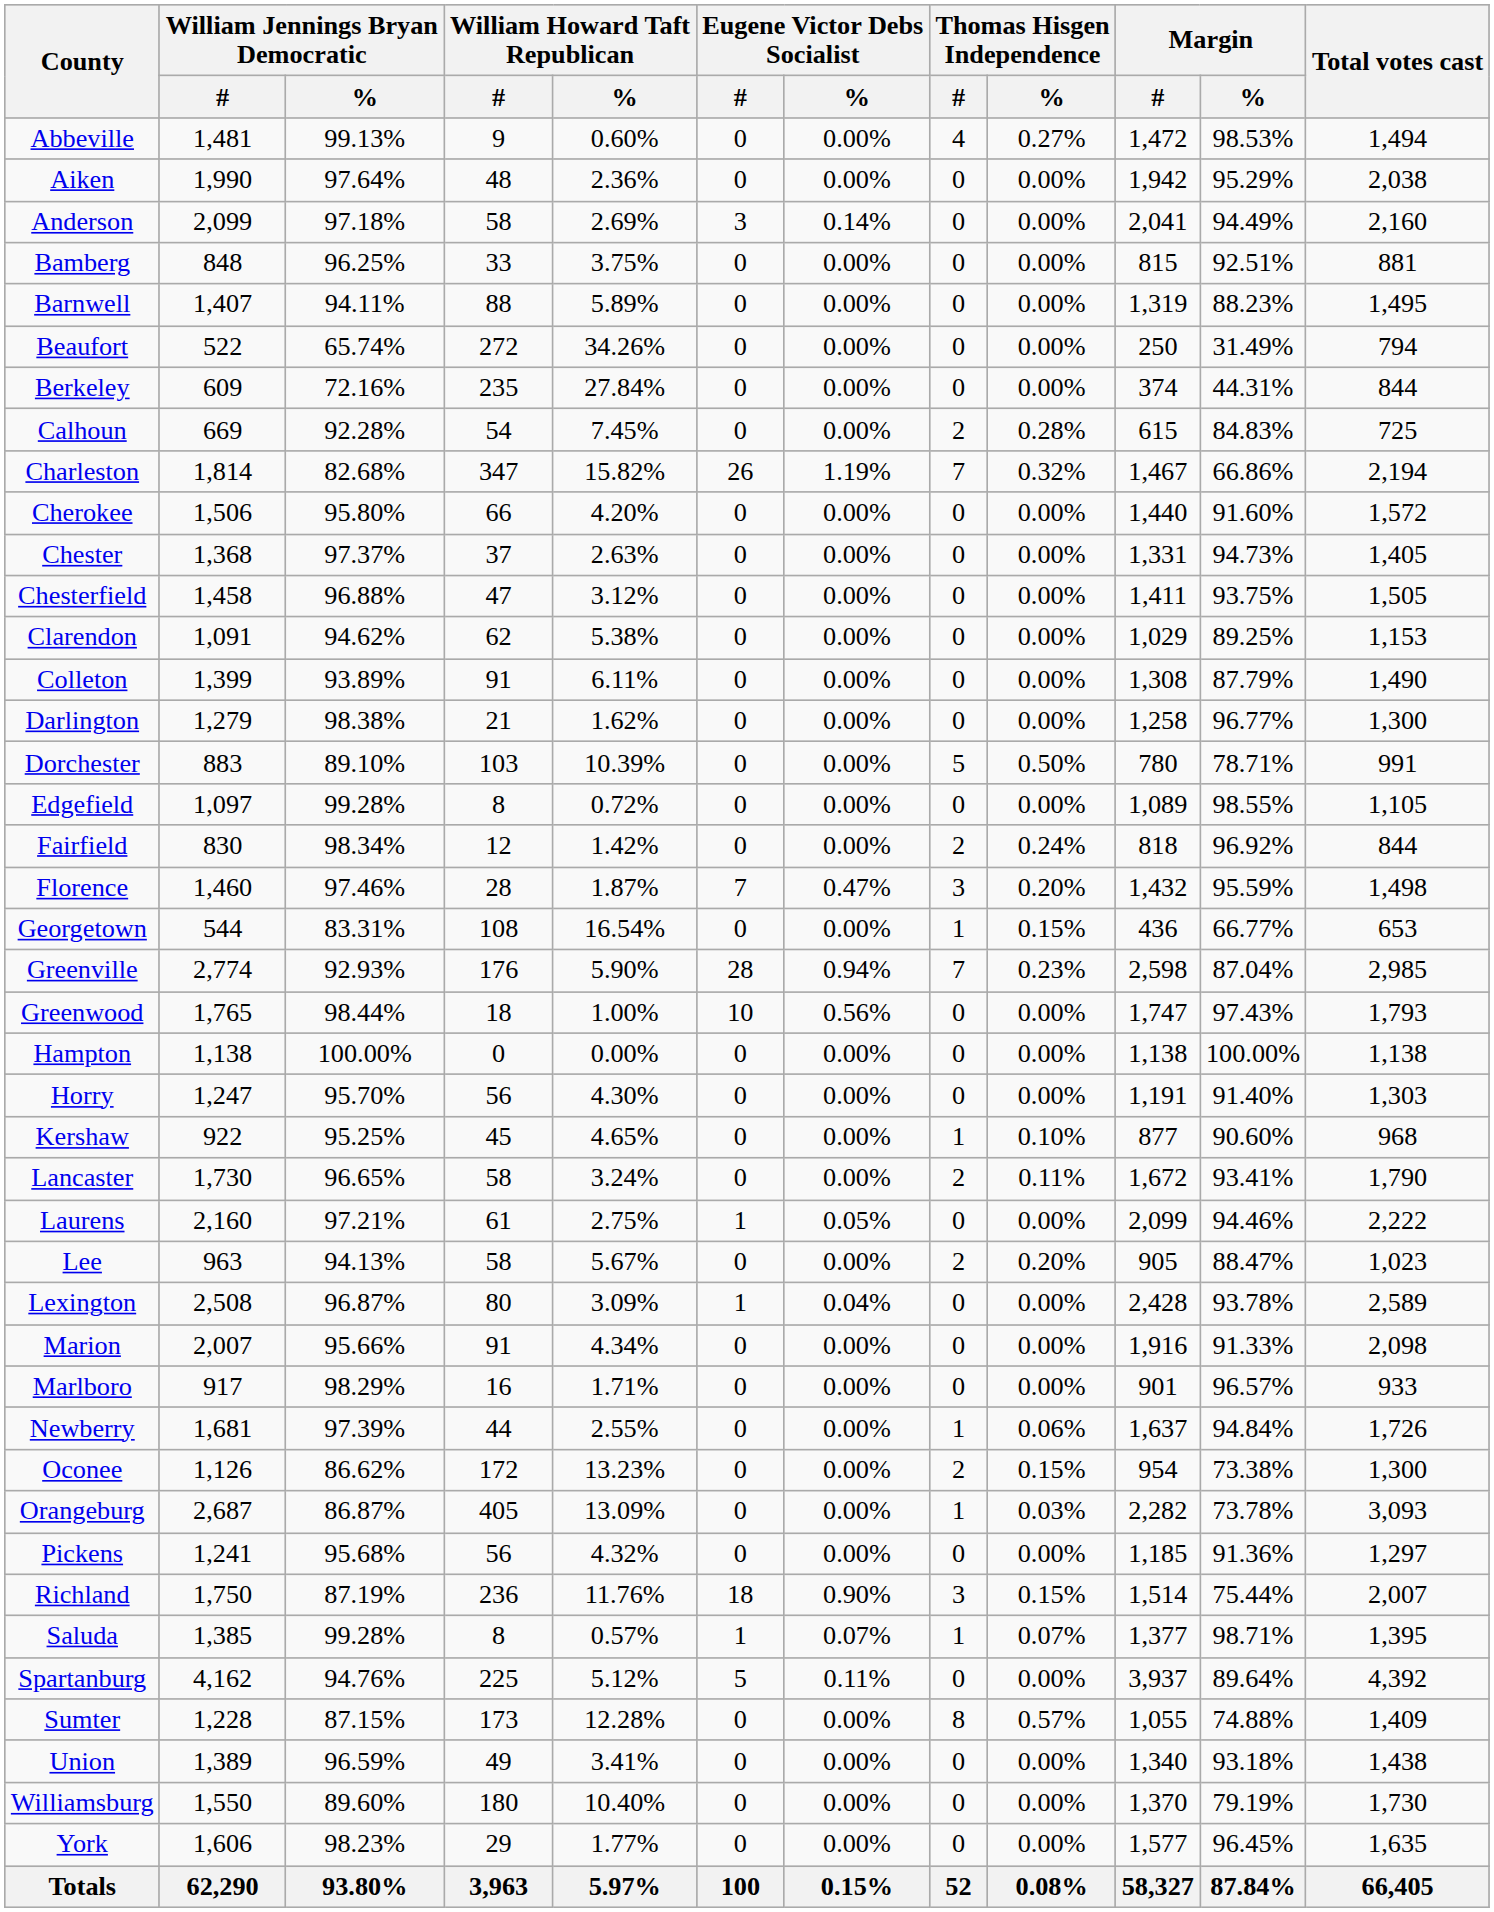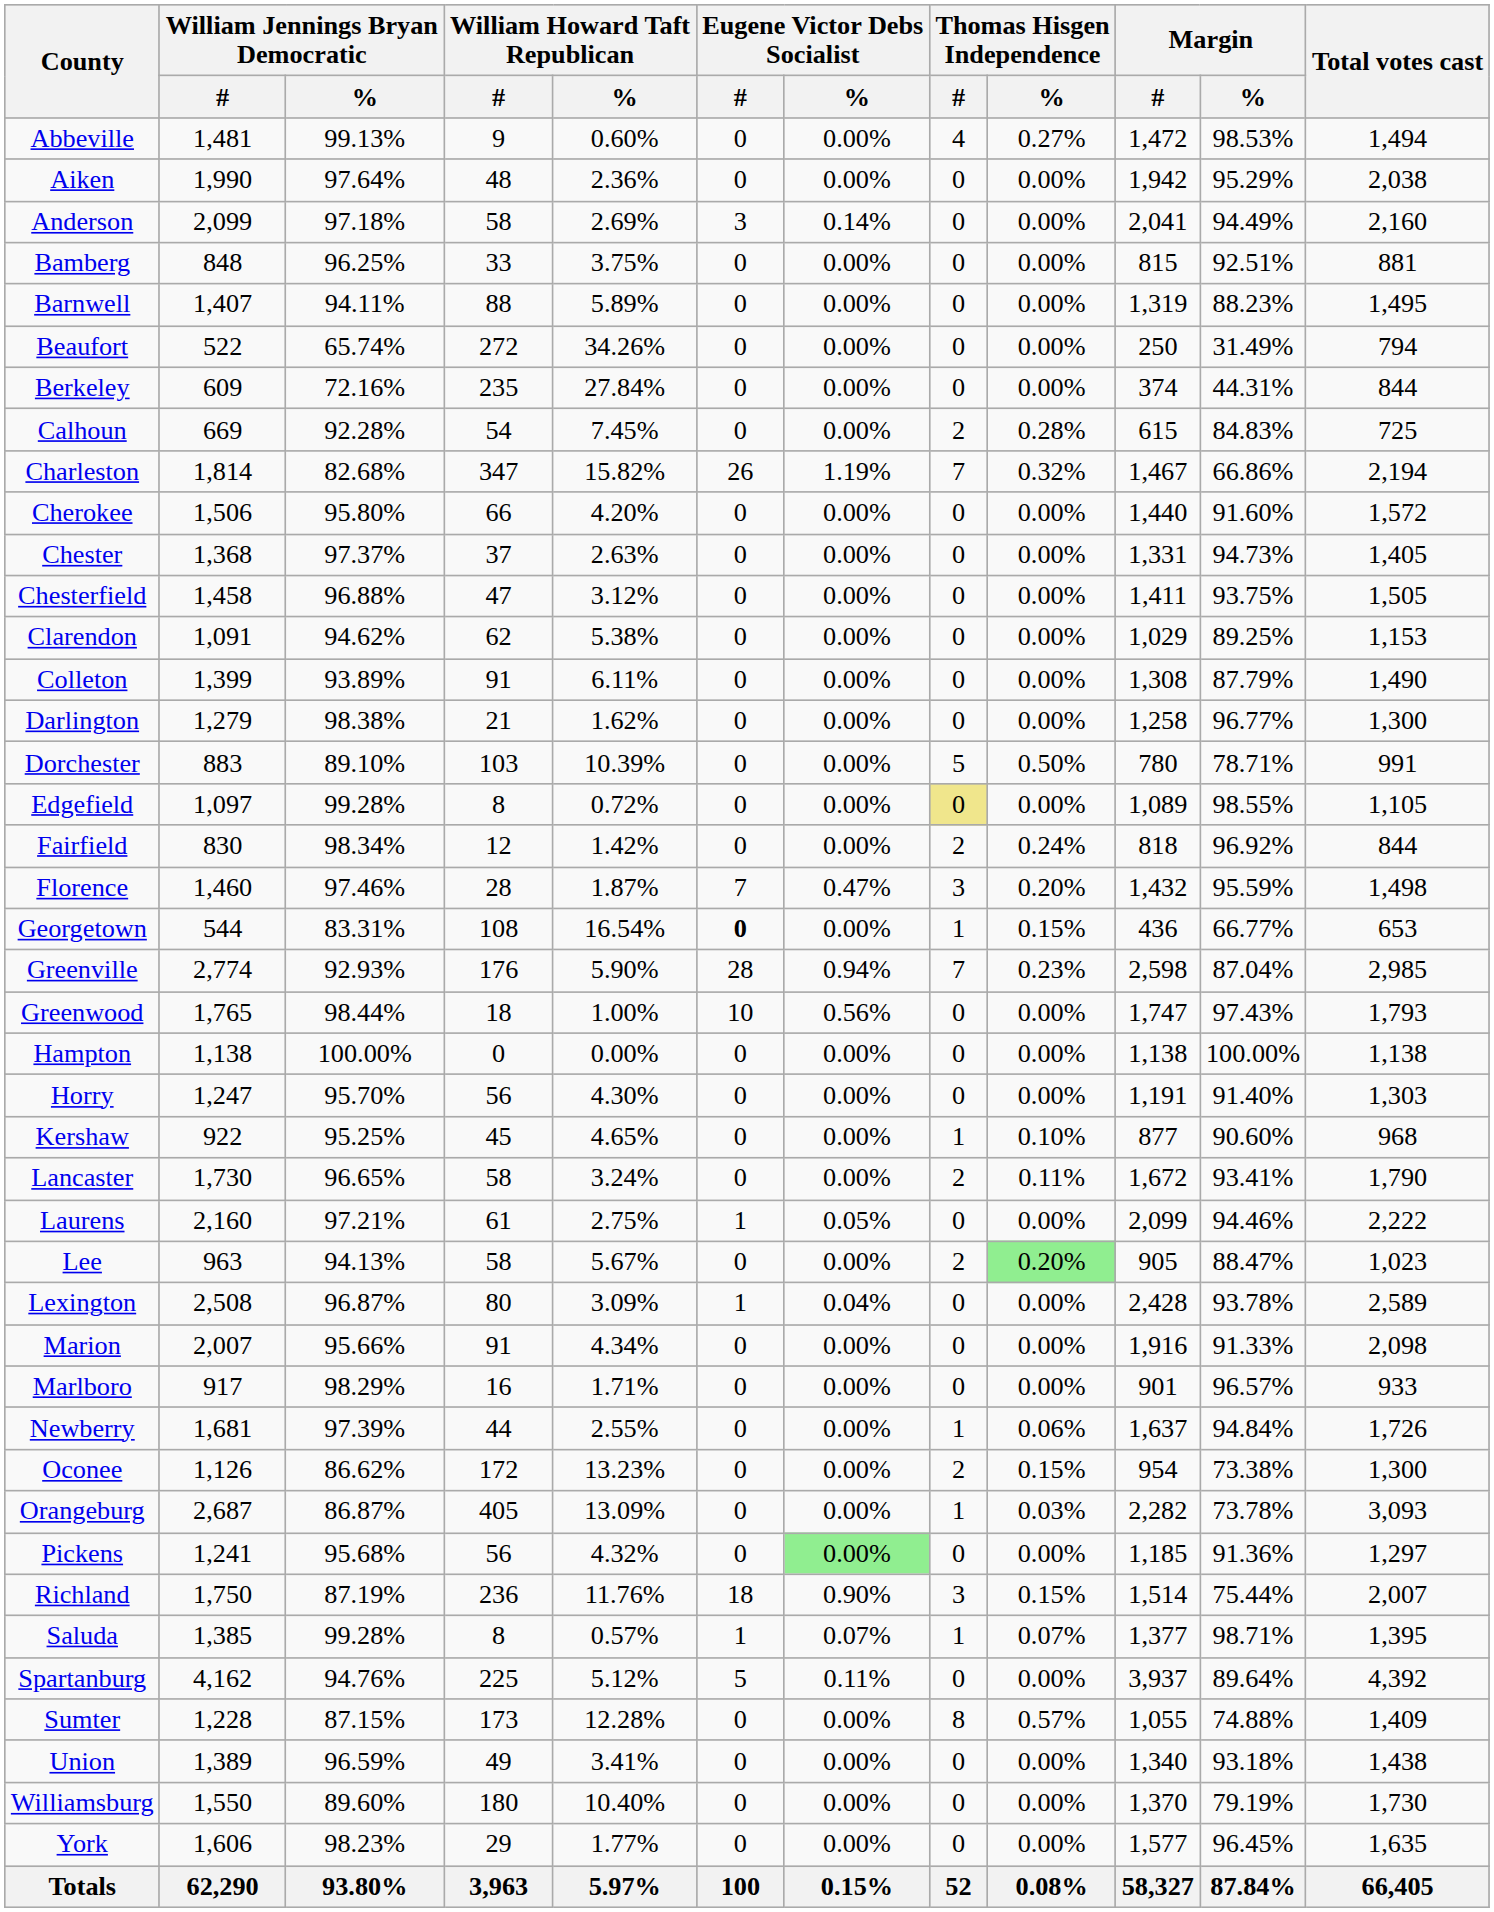 <table class="wikitable sortable mw-collapsible mw-collapsed">
 <tr>
 <th rowspan="2">County</th>
 <th colspan="2">William Jennings Bryan<br>Democratic</th>
 <th colspan="2">William Howard Taft<br>Republican</th>
 <th colspan="2">Eugene Victor Debs<br>Socialist</th>
 <th colspan="2">Thomas Hisgen<br>Independence</th>
 <th colspan="2">Margin</th>
 <th rowspan="2">Total votes cast</th>
 </tr>
 <tr>
 <th data-sort-type="number">#</th>
 <th data-sort-type="number">%</th>
 <th data-sort-type="number">#</th>
 <th data-sort-type="number">%</th>
 <th data-sort-type="number">#</th>
 <th data-sort-type="number">%</th>
 <th data-sort-type="number">#</th>
 <th data-sort-type="number">%</th>
 <th data-sort-type="number">#</th>
 <th data-sort-type="number">%</th>
 </tr>
 <tr style="text-align:center;">
 <td><a href='#'>Abbeville</a></td>
 <td>1,481</td>
 <td>99.13%</td>
 <td>9</td>
 <td>0.60%</td>
 <td>0</td>
 <td>0.00%</td>
 <td>4</td>
 <td>0.27%</td>
 <td>1,472</td>
 <td>98.53%</td>
 <td>1,494</td>
 </tr>
 <tr style="text-align:center;">
 <td><a href='#'>Aiken</a></td>
 <td>1,990</td>
 <td>97.64%</td>
 <td>48</td>
 <td>2.36%</td>
 <td>0</td>
 <td>0.00%</td>
 <td>0</td>
 <td>0.00%</td>
 <td>1,942</td>
 <td>95.29%</td>
 <td>2,038</td>
 </tr>
 <tr style="text-align:center;">
 <td><a href='#'>Anderson</a></td>
 <td>2,099</td>
 <td>97.18%</td>
 <td>58</td>
 <td>2.69%</td>
 <td>3</td>
 <td>0.14%</td>
 <td>0</td>
 <td>0.00%</td>
 <td>2,041</td>
 <td>94.49%</td>
 <td>2,160</td>
 </tr>
 <tr style="text-align:center;">
 <td><a href='#'>Bamberg</a></td>
 <td>848</td>
 <td>96.25%</td>
 <td>33</td>
 <td>3.75%</td>
 <td>0</td>
 <td>0.00%</td>
 <td>0</td>
 <td>0.00%</td>
 <td>815</td>
 <td>92.51%</td>
 <td>881</td>
 </tr>
 <tr style="text-align:center;">
 <td><a href='#'>Barnwell</a></td>
 <td>1,407</td>
 <td>94.11%</td>
 <td>88</td>
 <td>5.89%</td>
 <td>0</td>
 <td>0.00%</td>
 <td>0</td>
 <td>0.00%</td>
 <td>1,319</td>
 <td>88.23%</td>
 <td>1,495</td>
 </tr>
 <tr style="text-align:center;">
 <td><a href='#'>Beaufort</a></td>
 <td>522</td>
 <td>65.74%</td>
 <td>272</td>
 <td>34.26%</td>
 <td>0</td>
 <td>0.00%</td>
 <td>0</td>
 <td>0.00%</td>
 <td>250</td>
 <td>31.49%</td>
 <td>794</td>
 </tr>
 <tr style="text-align:center;">
 <td><a href='#'>Berkeley</a></td>
 <td>609</td>
 <td>72.16%</td>
 <td>235</td>
 <td>27.84%</td>
 <td>0</td>
 <td>0.00%</td>
 <td>0</td>
 <td>0.00%</td>
 <td>374</td>
 <td>44.31%</td>
 <td>844</td>
 </tr>
 <tr style="text-align:center;">
 <td><a href='#'>Calhoun</a></td>
 <td>669</td>
 <td>92.28%</td>
 <td>54</td>
 <td>7.45%</td>
 <td>0</td>
 <td>0.00%</td>
 <td>2</td>
 <td>0.28%</td>
 <td>615</td>
 <td>84.83%</td>
 <td>725</td>
 </tr>
 <tr style="text-align:center;">
 <td><a href='#'>Charleston</a></td>
 <td>1,814</td>
 <td>82.68%</td>
 <td>347</td>
 <td>15.82%</td>
 <td>26</td>
 <td>1.19%</td>
 <td>7</td>
 <td>0.32%</td>
 <td>1,467</td>
 <td>66.86%</td>
 <td>2,194</td>
 </tr>
 <tr style="text-align:center;">
 <td><a href='#'>Cherokee</a></td>
 <td>1,506</td>
 <td>95.80%</td>
 <td>66</td>
 <td>4.20%</td>
 <td>0</td>
 <td>0.00%</td>
 <td>0</td>
 <td>0.00%</td>
 <td>1,440</td>
 <td>91.60%</td>
 <td>1,572</td>
 </tr>
 <tr style="text-align:center;">
 <td><a href='#'>Chester</a></td>
 <td>1,368</td>
 <td>97.37%</td>
 <td>37</td>
 <td>2.63%</td>
 <td>0</td>
 <td>0.00%</td>
 <td>0</td>
 <td>0.00%</td>
 <td>1,331</td>
 <td>94.73%</td>
 <td>1,405</td>
 </tr>
 <tr style="text-align:center;">
 <td><a href='#'>Chesterfield</a></td>
 <td>1,458</td>
 <td>96.88%</td>
 <td>47</td>
 <td>3.12%</td>
 <td>0</td>
 <td>0.00%</td>
 <td>0</td>
 <td>0.00%</td>
 <td>1,411</td>
 <td>93.75%</td>
 <td>1,505</td>
 </tr>
 <tr style="text-align:center;">
 <td><a href='#'>Clarendon</a></td>
 <td>1,091</td>
 <td>94.62%</td>
 <td>62</td>
 <td>5.38%</td>
 <td>0</td>
 <td>0.00%</td>
 <td>0</td>
 <td>0.00%</td>
 <td>1,029</td>
 <td>89.25%</td>
 <td>1,153</td>
 </tr>
 <tr style="text-align:center;">
 <td><a href='#'>Colleton</a></td>
 <td>1,399</td>
 <td>93.89%</td>
 <td>91</td>
 <td>6.11%</td>
 <td>0</td>
 <td>0.00%</td>
 <td>0</td>
 <td>0.00%</td>
 <td>1,308</td>
 <td>87.79%</td>
 <td>1,490</td>
 </tr>
 <tr style="text-align:center;">
 <td><a href='#'>Darlington</a></td>
 <td>1,279</td>
 <td>98.38%</td>
 <td>21</td>
 <td>1.62%</td>
 <td>0</td>
 <td>0.00%</td>
 <td>0</td>
 <td>0.00%</td>
 <td>1,258</td>
 <td>96.77%</td>
 <td>1,300</td>
 </tr>
 <tr style="text-align:center;">
 <td><a href='#'>Dorchester</a></td>
 <td>883</td>
 <td>89.10%</td>
 <td>103</td>
 <td>10.39%</td>
 <td>0</td>
 <td>0.00%</td>
 <td>5</td>
 <td>0.50%</td>
 <td>780</td>
 <td>78.71%</td>
 <td>991</td>
 </tr>
 <tr style="text-align:center;">
 <td><a href='#'>Edgefield</a></td>
 <td>1,097</td>
 <td>99.28%</td>
 <td>8</td>
 <td>0.72%</td>
 <td>0</td>
 <td>0.00%</td>
-<td>0</td>
+<td style="background: khaki;">0</td>
 <td>0.00%</td>
 <td>1,089</td>
 <td>98.55%</td>
 <td>1,105</td>
 </tr>
 <tr style="text-align:center;">
 <td><a href='#'>Fairfield</a></td>
 <td>830</td>
 <td>98.34%</td>
 <td>12</td>
 <td>1.42%</td>
 <td>0</td>
 <td>0.00%</td>
 <td>2</td>
 <td>0.24%</td>
 <td>818</td>
 <td>96.92%</td>
 <td>844</td>
 </tr>
 <tr style="text-align:center;">
 <td><a href='#'>Florence</a></td>
 <td>1,460</td>
 <td>97.46%</td>
 <td>28</td>
 <td>1.87%</td>
 <td>7</td>
 <td>0.47%</td>
 <td>3</td>
 <td>0.20%</td>
 <td>1,432</td>
 <td>95.59%</td>
 <td>1,498</td>
 </tr>
 <tr style="text-align:center;">
 <td><a href='#'>Georgetown</a></td>
 <td>544</td>
 <td>83.31%</td>
 <td>108</td>
 <td>16.54%</td>
-<td>0</td>
+<td><strong>0</strong></td>
 <td>0.00%</td>
 <td>1</td>
 <td>0.15%</td>
 <td>436</td>
 <td>66.77%</td>
 <td>653</td>
 </tr>
 <tr style="text-align:center;">
 <td><a href='#'>Greenville</a></td>
 <td>2,774</td>
 <td>92.93%</td>
 <td>176</td>
 <td>5.90%</td>
 <td>28</td>
 <td>0.94%</td>
 <td>7</td>
 <td>0.23%</td>
 <td>2,598</td>
 <td>87.04%</td>
 <td>2,985</td>
 </tr>
 <tr style="text-align:center;">
 <td><a href='#'>Greenwood</a></td>
 <td>1,765</td>
 <td>98.44%</td>
 <td>18</td>
 <td>1.00%</td>
 <td>10</td>
 <td>0.56%</td>
 <td>0</td>
 <td>0.00%</td>
 <td>1,747</td>
 <td>97.43%</td>
 <td>1,793</td>
 </tr>
 <tr style="text-align:center;">
 <td><a href='#'>Hampton</a></td>
 <td>1,138</td>
 <td>100.00%</td>
 <td>0</td>
 <td>0.00%</td>
 <td>0</td>
 <td>0.00%</td>
 <td>0</td>
 <td>0.00%</td>
 <td>1,138</td>
 <td>100.00%</td>
 <td>1,138</td>
 </tr>
 <tr style="text-align:center;">
 <td><a href='#'>Horry</a></td>
 <td>1,247</td>
 <td>95.70%</td>
 <td>56</td>
 <td>4.30%</td>
 <td>0</td>
 <td>0.00%</td>
 <td>0</td>
 <td>0.00%</td>
 <td>1,191</td>
 <td>91.40%</td>
 <td>1,303</td>
 </tr>
 <tr style="text-align:center;">
 <td><a href='#'>Kershaw</a></td>
 <td>922</td>
 <td>95.25%</td>
 <td>45</td>
 <td>4.65%</td>
 <td>0</td>
 <td>0.00%</td>
 <td>1</td>
 <td>0.10%</td>
 <td>877</td>
 <td>90.60%</td>
 <td>968</td>
 </tr>
 <tr style="text-align:center;">
 <td><a href='#'>Lancaster</a></td>
 <td>1,730</td>
 <td>96.65%</td>
 <td>58</td>
 <td>3.24%</td>
 <td>0</td>
 <td>0.00%</td>
 <td>2</td>
 <td>0.11%</td>
 <td>1,672</td>
 <td>93.41%</td>
 <td>1,790</td>
 </tr>
 <tr style="text-align:center;">
 <td><a href='#'>Laurens</a></td>
 <td>2,160</td>
 <td>97.21%</td>
 <td>61</td>
 <td>2.75%</td>
 <td>1</td>
 <td>0.05%</td>
 <td>0</td>
 <td>0.00%</td>
 <td>2,099</td>
 <td>94.46%</td>
 <td>2,222</td>
 </tr>
 <tr style="text-align:center;">
 <td><a href='#'>Lee</a></td>
 <td>963</td>
 <td>94.13%</td>
 <td>58</td>
 <td>5.67%</td>
 <td>0</td>
 <td>0.00%</td>
 <td>2</td>
-<td>0.20%</td>
+<td style="background: lightgreen;">0.20%</td>
 <td>905</td>
 <td>88.47%</td>
 <td>1,023</td>
 </tr>
 <tr style="text-align:center;">
 <td><a href='#'>Lexington</a></td>
 <td>2,508</td>
 <td>96.87%</td>
 <td>80</td>
 <td>3.09%</td>
 <td>1</td>
 <td>0.04%</td>
 <td>0</td>
 <td>0.00%</td>
 <td>2,428</td>
 <td>93.78%</td>
 <td>2,589</td>
 </tr>
 <tr style="text-align:center;">
 <td><a href='#'>Marion</a></td>
 <td>2,007</td>
 <td>95.66%</td>
 <td>91</td>
 <td>4.34%</td>
 <td>0</td>
 <td>0.00%</td>
 <td>0</td>
 <td>0.00%</td>
 <td>1,916</td>
 <td>91.33%</td>
 <td>2,098</td>
 </tr>
 <tr style="text-align:center;">
 <td><a href='#'>Marlboro</a></td>
 <td>917</td>
 <td>98.29%</td>
 <td>16</td>
 <td>1.71%</td>
 <td>0</td>
 <td>0.00%</td>
 <td>0</td>
 <td>0.00%</td>
 <td>901</td>
 <td>96.57%</td>
 <td>933</td>
 </tr>
 <tr style="text-align:center;">
 <td><a href='#'>Newberry</a></td>
 <td>1,681</td>
 <td>97.39%</td>
 <td>44</td>
 <td>2.55%</td>
 <td>0</td>
 <td>0.00%</td>
 <td>1</td>
 <td>0.06%</td>
 <td>1,637</td>
 <td>94.84%</td>
 <td>1,726</td>
 </tr>
 <tr style="text-align:center;">
 <td><a href='#'>Oconee</a></td>
 <td>1,126</td>
 <td>86.62%</td>
 <td>172</td>
 <td>13.23%</td>
 <td>0</td>
 <td>0.00%</td>
 <td>2</td>
 <td>0.15%</td>
 <td>954</td>
 <td>73.38%</td>
 <td>1,300</td>
 </tr>
 <tr style="text-align:center;">
 <td><a href='#'>Orangeburg</a></td>
 <td>2,687</td>
 <td>86.87%</td>
 <td>405</td>
 <td>13.09%</td>
 <td>0</td>
 <td>0.00%</td>
 <td>1</td>
 <td>0.03%</td>
 <td>2,282</td>
 <td>73.78%</td>
 <td>3,093</td>
 </tr>
 <tr style="text-align:center;">
 <td><a href='#'>Pickens</a></td>
 <td>1,241</td>
 <td>95.68%</td>
 <td>56</td>
 <td>4.32%</td>
 <td>0</td>
-<td>0.00%</td>
+<td style="background: lightgreen;">0.00%</td>
 <td>0</td>
 <td>0.00%</td>
 <td>1,185</td>
 <td>91.36%</td>
 <td>1,297</td>
 </tr>
 <tr style="text-align:center;">
 <td><a href='#'>Richland</a></td>
 <td>1,750</td>
 <td>87.19%</td>
 <td>236</td>
 <td>11.76%</td>
 <td>18</td>
 <td>0.90%</td>
 <td>3</td>
 <td>0.15%</td>
 <td>1,514</td>
 <td>75.44%</td>
 <td>2,007</td>
 </tr>
 <tr style="text-align:center;">
 <td><a href='#'>Saluda</a></td>
 <td>1,385</td>
 <td>99.28%</td>
 <td>8</td>
 <td>0.57%</td>
 <td>1</td>
 <td>0.07%</td>
 <td>1</td>
 <td>0.07%</td>
 <td>1,377</td>
 <td>98.71%</td>
 <td>1,395</td>
 </tr>
 <tr style="text-align:center;">
 <td><a href='#'>Spartanburg</a></td>
 <td>4,162</td>
 <td>94.76%</td>
 <td>225</td>
 <td>5.12%</td>
 <td>5</td>
 <td>0.11%</td>
 <td>0</td>
 <td>0.00%</td>
 <td>3,937</td>
 <td>89.64%</td>
 <td>4,392</td>
 </tr>
 <tr style="text-align:center;">
 <td><a href='#'>Sumter</a></td>
 <td>1,228</td>
 <td>87.15%</td>
 <td>173</td>
 <td>12.28%</td>
 <td>0</td>
 <td>0.00%</td>
 <td>8</td>
 <td>0.57%</td>
 <td>1,055</td>
 <td>74.88%</td>
 <td>1,409</td>
 </tr>
 <tr style="text-align:center;">
 <td><a href='#'>Union</a></td>
 <td>1,389</td>
 <td>96.59%</td>
 <td>49</td>
 <td>3.41%</td>
 <td>0</td>
 <td>0.00%</td>
 <td>0</td>
 <td>0.00%</td>
 <td>1,340</td>
 <td>93.18%</td>
 <td>1,438</td>
 </tr>
 <tr style="text-align:center;">
 <td><a href='#'>Williamsburg</a></td>
 <td>1,550</td>
 <td>89.60%</td>
 <td>180</td>
 <td>10.40%</td>
 <td>0</td>
 <td>0.00%</td>
 <td>0</td>
 <td>0.00%</td>
 <td>1,370</td>
 <td>79.19%</td>
 <td>1,730</td>
 </tr>
 <tr style="text-align:center;">
 <td><a href='#'>York</a></td>
 <td>1,606</td>
 <td>98.23%</td>
 <td>29</td>
 <td>1.77%</td>
 <td>0</td>
 <td>0.00%</td>
 <td>0</td>
 <td>0.00%</td>
 <td>1,577</td>
 <td>96.45%</td>
 <td>1,635</td>
 </tr>
 <tr style="text-align:center;">
 <th>Totals</th>
 <th>62,290</th>
 <th>93.80%</th>
 <th>3,963</th>
 <th>5.97%</th>
 <th>100</th>
 <th>0.15%</th>
 <th>52</th>
 <th>0.08%</th>
 <th>58,327</th>
 <th>87.84%</th>
 <th>66,405</th>
 </tr>
 </table>
